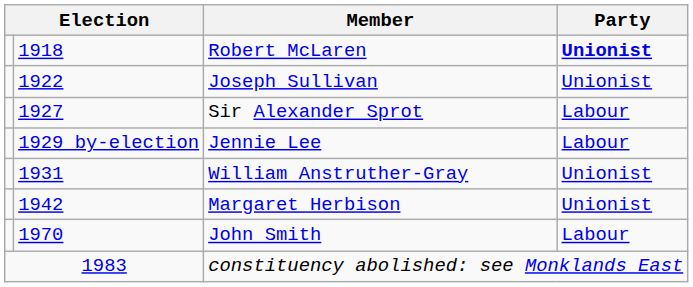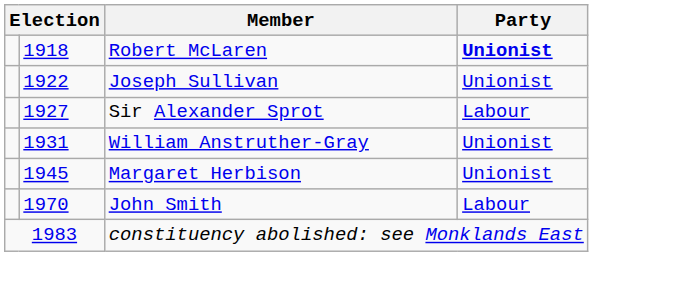 <table class="wikitable">
 <tr>
 <th colspan="2">Election</th>
 <th>Member</th>
 <th>Party</th>
 </tr>
 <tr>
 <td style="color:inherit;background-color: "></td>
 <td><a href='#'>1918</a></td>
 <td><a href='#'>Robert McLaren</a></td>
 <td><strong><a href='#'>Unionist</a></strong></td>
 </tr>
 <tr>
 <td style="color:inherit;background-color: "></td>
 <td><a href='#'>1922</a></td>
 <td><a href='#'>Joseph Sullivan</a></td>
 <td><a href='#'>Unionist</a></td>
 </tr>
 <tr>
 <td style="color:inherit;background-color: "></td>
 <td><a href='#'>1927</a></td>
 <td>Sir <a href='#'>Alexander Sprot</a></td>
 <td><a href='#'>Labour</a></td>
 </tr>
 <tr>
 <td style="color:inherit;background-color: "></td>
-<td><a href='#'>1929 by-election</a></td>
-<td><a href='#'>Jennie Lee</a></td>
-<td><a href='#'>Labour</a></td>
-</tr>
-<tr>
-<td style="color:inherit;background-color: "></td>
 <td><a href='#'>1931</a></td>
 <td><a href='#'>William Anstruther-Gray</a></td>
 <td><a href='#'>Unionist</a></td>
 </tr>
 <tr>
 <td style="color:inherit;background-color: "></td>
-<td><a href='#'>1942</a></td>
+<td><a href='#'>1945</a></td>
 <td><a href='#'>Margaret Herbison</a></td>
 <td><a href='#'>Unionist</a></td>
 </tr>
 <tr>
 <td style="color:inherit;background-color: "></td>
 <td><a href='#'>1970</a></td>
 <td><a href='#'>John Smith</a></td>
 <td><a href='#'>Labour</a></td>
 </tr>
 <tr>
 <td colspan="2" align="center"><a href='#'>1983</a></td>
 <td colspan="2"><em>constituency abolished: see <a href='#'>Monklands East</a></em></td>
 </tr>
 </table>
